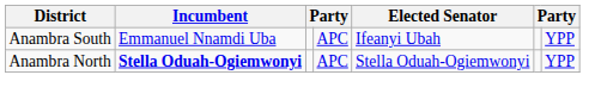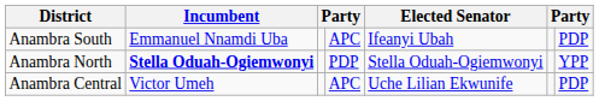 <table class="sortable wikitable" style="font-size:95%;line-height:14px;">
 <tr>
 <th class="unsortable">District</th>
 <th class="unsortable"><a href='#'>Incumbent</a></th>
 <th colspan="2">Party</th>
 <th class="unsortable">Elected Senator</th>
 <th colspan="2">Party</th>
 </tr>
 <tr>
 <td>Anambra South</td>
 <td><a href='#'>Emmanuel Nnamdi Uba</a></td>
 <td style="background:"></td>
 <td><a href='#'>APC</a></td>
 <td><a href='#'>Ifeanyi Ubah</a></td>
 <td style="background:"></td>
-<td><a href='#'>YPP</a></td>
+<td><a href='#'>PDP</a></td>
 </tr>
 <tr>
 <td>Anambra North</td>
 <td><strong><a href='#'>Stella Oduah-Ogiemwonyi</a></strong></td>
 <td style="background:"></td>
-<td><a href='#'>APC</a></td>
+<td><a href='#'>PDP</a></td>
 <td><a href='#'>Stella Oduah-Ogiemwonyi</a></td>
 <td style="background:"></td>
 <td><a href='#'>YPP</a></td>
 </tr>
+<tr>
+<td>Anambra Central</td>
+<td><a href='#'>Victor Umeh</a></td>
+<td style="background:"></td>
+<td><a href='#'>APC</a></td>
+<td><a href='#'>Uche Lilian Ekwunife</a></td>
+<td style="background:"></td>
+<td><a href='#'>PDP</a></td>
+</tr>
 </table>
